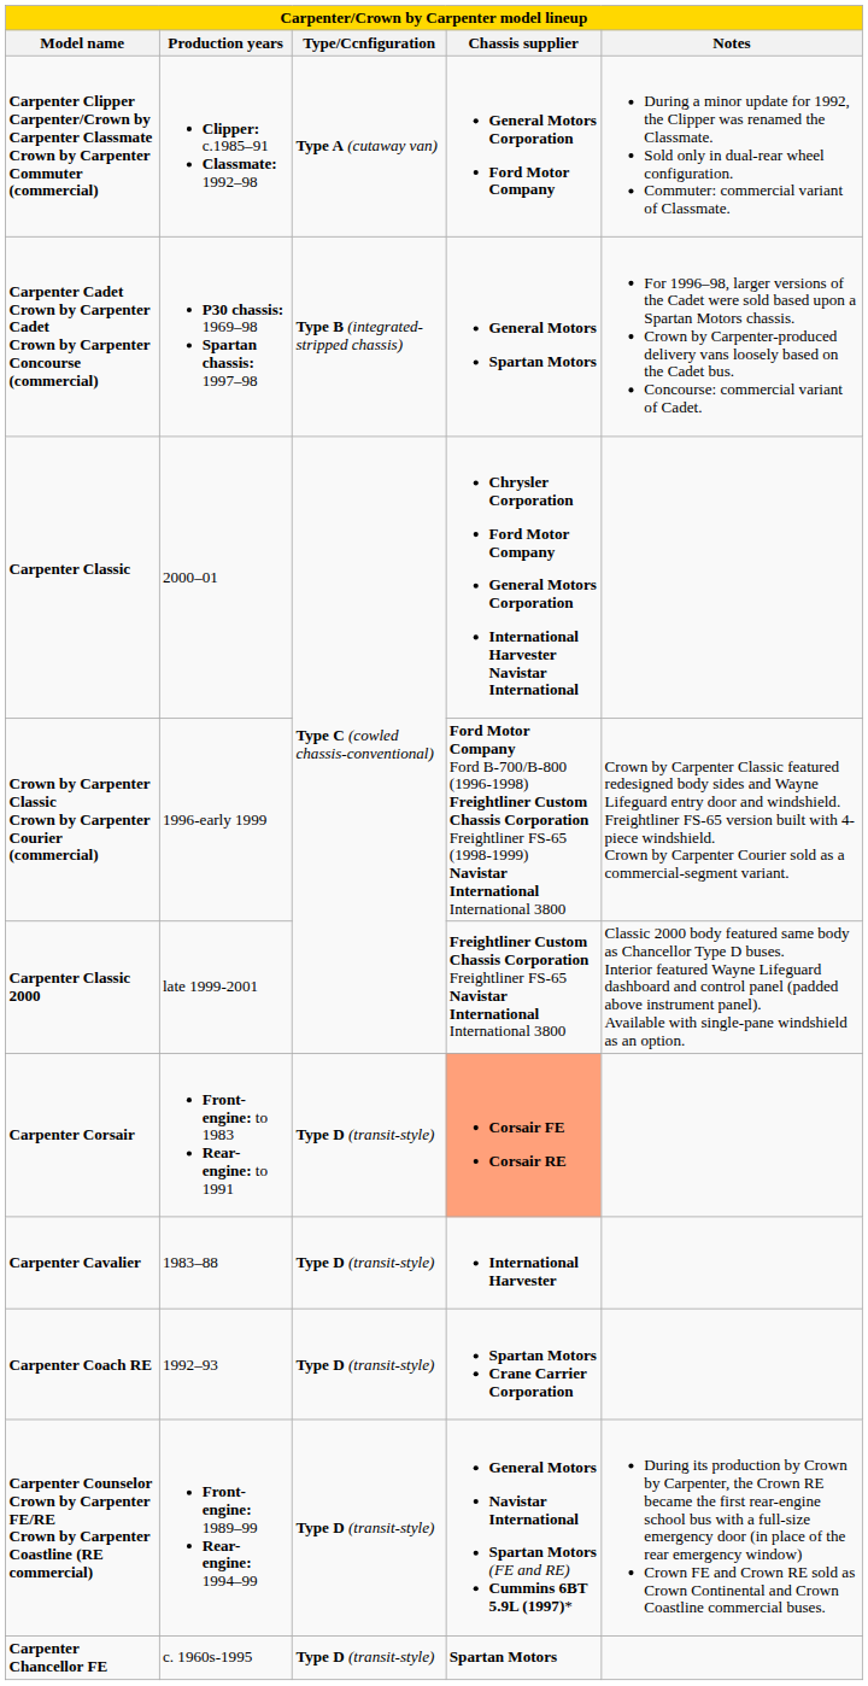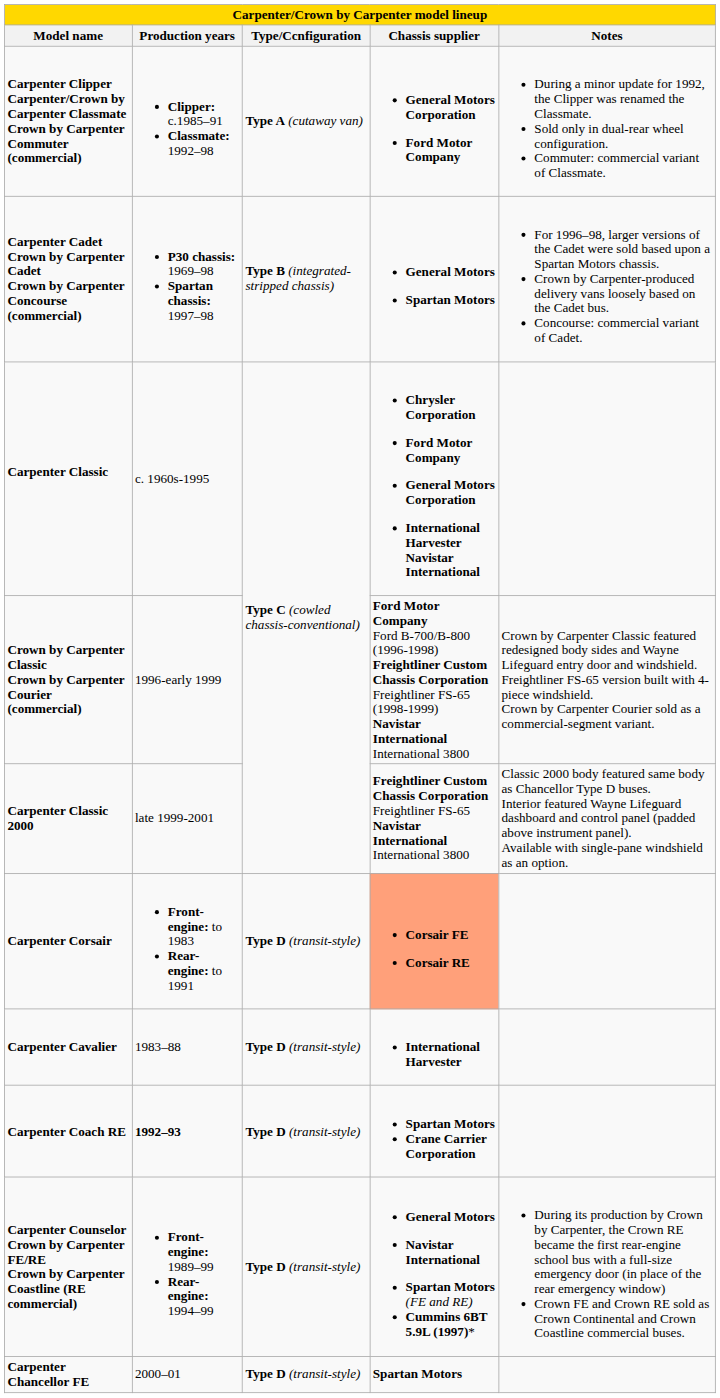 <table class="wikitable">
 <tr>
 <th colspan=5 style= "background:#FFD800">Carpenter/Crown by Carpenter model lineup</th>
 </tr>
 <tr>
 <th>Model name</th>
 <th>Production years</th>
 <th>Type/Ccnfiguration</th>
 <th>Chassis supplier</th>
 <th>Notes</th>
 </tr>
 <tr>
 <td><strong>Carpenter Clipper</strong><br><strong>Carpenter/Crown by Carpenter Classmate<br>Crown by Carpenter Commuter (commercial)</strong></td>
 <td><br><ul><li><strong>Clipper:</strong> c.1985–91</li><li><strong>Classmate:</strong> 1992–98</li></ul></td>
 <td><strong>Type A</strong> <em>(cutaway van)</em></td>
 <td><br><ul><li><strong>General Motors Corporation</strong></li></ul><ul><li><strong>Ford Motor Company</strong></li></ul></td>
 <td><br><ul><li>During a minor update for 1992, the Clipper was renamed the Classmate.</li><li>Sold only in dual-rear wheel configuration.</li><li>Commuter: commercial variant of Classmate.</li></ul></td>
 </tr>
 <tr>
 <td><strong>Carpenter Cadet</strong><br><strong>Crown by Carpenter Cadet</strong><br><strong>Crown by Carpenter Concourse (commercial)</strong><br> </td>
 <td><br><ul><li><strong>P30 chassis:</strong> 1969–98</li><li><strong>Spartan chassis:</strong> 1997–98</li></ul></td>
 <td><strong>Type B</strong> <em>(integrated-stripped chassis)</em></td>
 <td><br><ul><li><strong>General Motors</strong></li></ul><ul><li><strong>Spartan Motors</strong></li></ul></td>
 <td><br><ul><li>For 1996–98, larger versions of the Cadet were sold based upon a Spartan Motors chassis.</li><li>Crown by Carpenter-produced delivery vans loosely based on the Cadet bus.</li><li>Concourse: commercial variant of Cadet.</li></ul></td>
 </tr>
 <tr>
 <td><strong>Carpenter Classic</strong> <br> <br></td>
-<td>2000–01</td>
+<td>c. 1960s-1995</td>
 <td rowspan="3"><strong>Type C</strong> <em>(cowled chassis-conventional)</em></td>
 <td><br><ul><li><strong>Chrysler Corporation</strong></li></ul><ul><li><strong>Ford Motor Company</strong></li></ul><ul><li><strong>General Motors Corporation</strong></li></ul><ul><li><strong>International Harvester <br> Navistar International</strong></li></ul></td>
 <td></td>
 </tr>
 <tr>
 <td><strong>Crown by Carpenter Classic</strong><br><strong>Crown by Carpenter Courier (commercial)</strong> </td>
 <td>1996-early 1999</td>
 <td><strong>Ford Motor Company</strong><br>Ford B-700/B-800 (1996-1998)<br><strong>Freightliner Custom Chassis Corporation</strong><br>Freightliner FS-65 (1998-1999)<br><strong>Navistar International</strong><br>International 3800</td>
 <td>Crown by Carpenter Classic featured redesigned body sides and Wayne Lifeguard entry door and windshield.<br>Freightliner FS-65 version built with 4-piece windshield.<br>Crown by Carpenter Courier sold as a commercial-segment variant.</td>
 </tr>
 <tr>
 <td><strong>Carpenter Classic 2000</strong><br></td>
 <td>late 1999-2001</td>
 <td><strong>Freightliner Custom Chassis Corporation</strong><br>Freightliner FS-65<br><strong>Navistar International</strong><br>International 3800</td>
 <td>Classic 2000 body featured same body as Chancellor Type D buses.<br>Interior featured Wayne Lifeguard dashboard and control panel (padded above instrument panel).<br>Available with single-pane windshield as an option.</td>
 </tr>
 <tr>
 <td><strong>Carpenter Corsair</strong></td>
 <td><br><ul><li><strong>Front-engine:</strong> to 1983</li><li><strong>Rear-engine:</strong> to 1991</li></ul></td>
 <td><strong>Type D</strong> <em>(transit-style)</em><br></td>
 <td style="background: lightsalmon;"><br><ul><li><strong>Corsair FE</strong></li></ul><ul><li><strong>Corsair RE</strong></li></ul></td>
 <td></td>
 </tr>
 <tr>
 <td><strong>Carpenter Cavalier</strong></td>
 <td>1983–88</td>
 <td><strong>Type D</strong> <em>(transit-style)</em><br></td>
 <td><br><ul><li><strong>International Harvester</strong></li></ul></td>
 <td></td>
 </tr>
 <tr>
 <td><strong>Carpenter Coach RE</strong></td>
-<td>1992–93</td>
+<td><strong>1992–93</strong></td>
 <td><strong>Type D</strong> <em>(transit-style)</em><br></td>
 <td><br><ul><li><strong>Spartan Motors</strong></li><li><strong>Crane Carrier Corporation</strong></li></ul></td>
 <td></td>
 </tr>
 <tr>
 <td><strong>Carpenter Counselor</strong><br><strong>Crown by Carpenter FE/RE</strong><br><strong>Crown by Carpenter Coastline (RE commercial)</strong></td>
 <td><br><ul><li><strong>Front-engine:</strong> 1989–99</li><li><strong>Rear-engine:</strong> 1994–99</li></ul></td>
 <td><strong>Type D</strong> <em>(transit-style)</em><br></td>
 <td><br><ul><li><strong>General Motors</strong></li></ul><ul><li><strong>Navistar International</strong></li></ul><ul><li><strong>Spartan Motors</strong> <em>(FE and RE)</em></li><li><strong>Cummins 6BT 5.9L (1997)</strong>*</li></ul></td>
 <td><br><ul><li>During its production by Crown by Carpenter, the Crown RE became the first rear-engine school bus with a full-size emergency door (in place of the rear emergency window)</li><li>Crown FE and Crown RE sold as Crown Continental and Crown Coastline commercial buses.</li></ul></td>
 </tr>
 <tr>
 <td><strong>Carpenter Chancellor FE</strong></td>
-<td>c. 1960s-1995</td>
+<td>2000–01</td>
 <td><strong>Type D</strong> <em>(transit-style)</em><br></td>
 <td><strong>Spartan Motors</strong></td>
 <td></td>
 </tr>
 </table>
